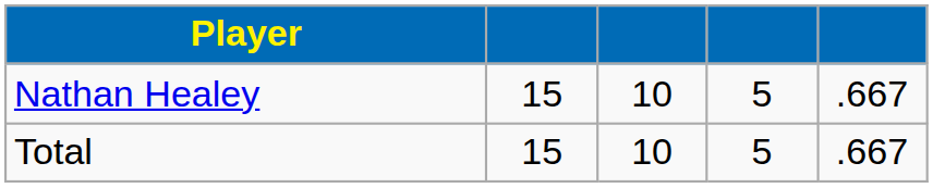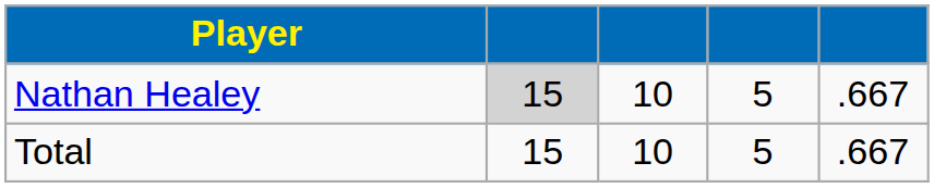 <table class="wikitable" style="text-align:center">
 <tr>
 <th style="background:#006bb6; color:#fff200" width="200px">Player</th>
 <th style="background:#006bb6; color:#fff200" width="40px"></th>
 <th style="background:#006bb6; color:#fff200" width="40px"></th>
 <th style="background:#006bb6; color:#fff200" width="40px"></th>
 <th style="background:#006bb6; color:#fff200" width="40px"></th>
 </tr>
 <tr>
 <td style="text-align:left"><a href='#'>Nathan Healey</a></td>
-<td>15</td>
+<td style="background: lightgrey;">15</td>
 <td>10</td>
 <td>5</td>
 <td>.667</td>
 </tr>
 <tr>
 <td style="text-align:left">Total</td>
 <td>15</td>
 <td>10</td>
 <td>5</td>
 <td>.667</td>
 </tr>
 </table>
